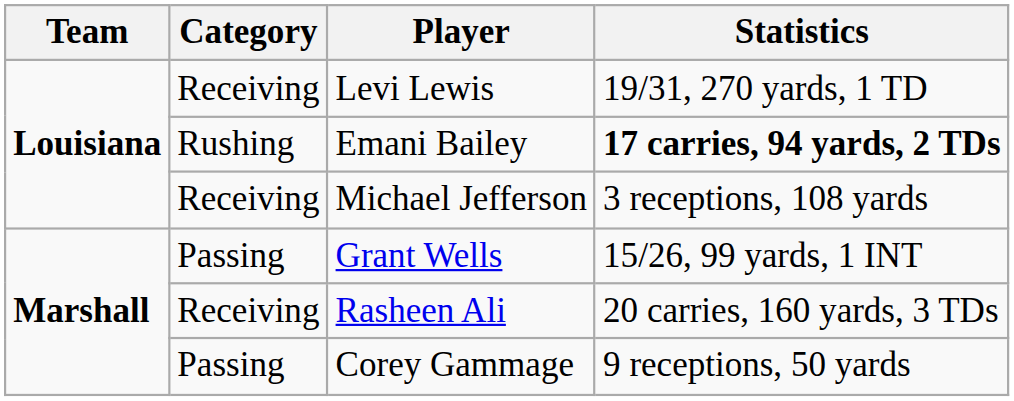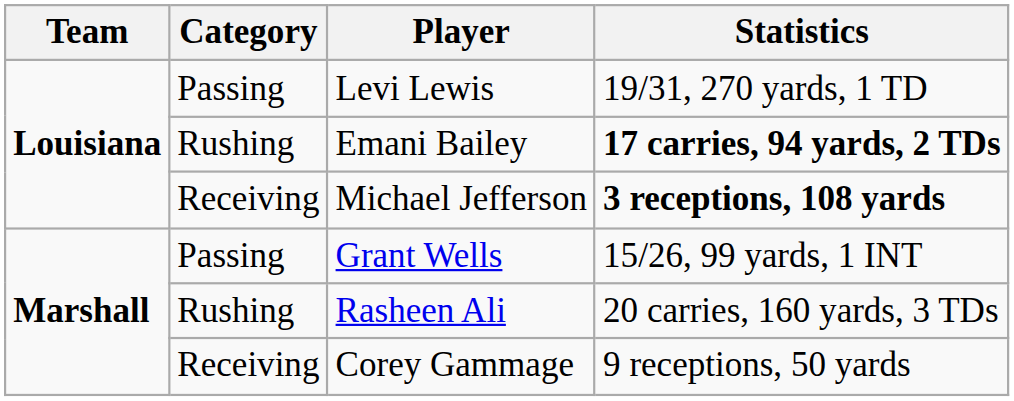 <table class="wikitable" style="float: left;">
 <tr>
 <th>Team</th>
 <th>Category</th>
 <th>Player</th>
 <th>Statistics</th>
 </tr>
 <tr>
 <td rowspan=3><strong>Louisiana</strong></td>
-<td>Receiving</td>
+<td>Passing</td>
 <td>Levi Lewis</td>
 <td>19/31, 270 yards, 1 TD</td>
 </tr>
 <tr>
 <td>Rushing</td>
 <td>Emani Bailey</td>
 <td><strong>17 carries, 94 yards, 2 TDs</strong></td>
 </tr>
 <tr>
 <td>Receiving</td>
 <td>Michael Jefferson</td>
-<td>3 receptions, 108 yards</td>
+<td><strong>3 receptions, 108 yards</strong></td>
 </tr>
 <tr>
 <td rowspan=3><strong>Marshall</strong></td>
 <td>Passing</td>
 <td><a href='#'>Grant Wells</a></td>
 <td>15/26, 99 yards, 1 INT</td>
 </tr>
 <tr>
-<td>Receiving</td>
+<td>Rushing</td>
 <td><a href='#'>Rasheen Ali</a></td>
 <td>20 carries, 160 yards, 3 TDs</td>
 </tr>
 <tr>
-<td>Passing</td>
+<td>Receiving</td>
 <td>Corey Gammage</td>
 <td>9 receptions, 50 yards</td>
 </tr>
 </table>
